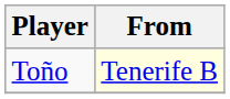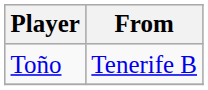 <table class="wikitable">
 <tr>
 <th>Player</th>
 <th>From</th>
 </tr>
 <tr>
 <td> <a href='#'>Toño</a></td>
-<td style="background: lightyellow;"> <a href='#'>Tenerife B</a></td>
+<td> <a href='#'>Tenerife B</a></td>
 </tr>
 <tr>
 </tr>
 </table>
